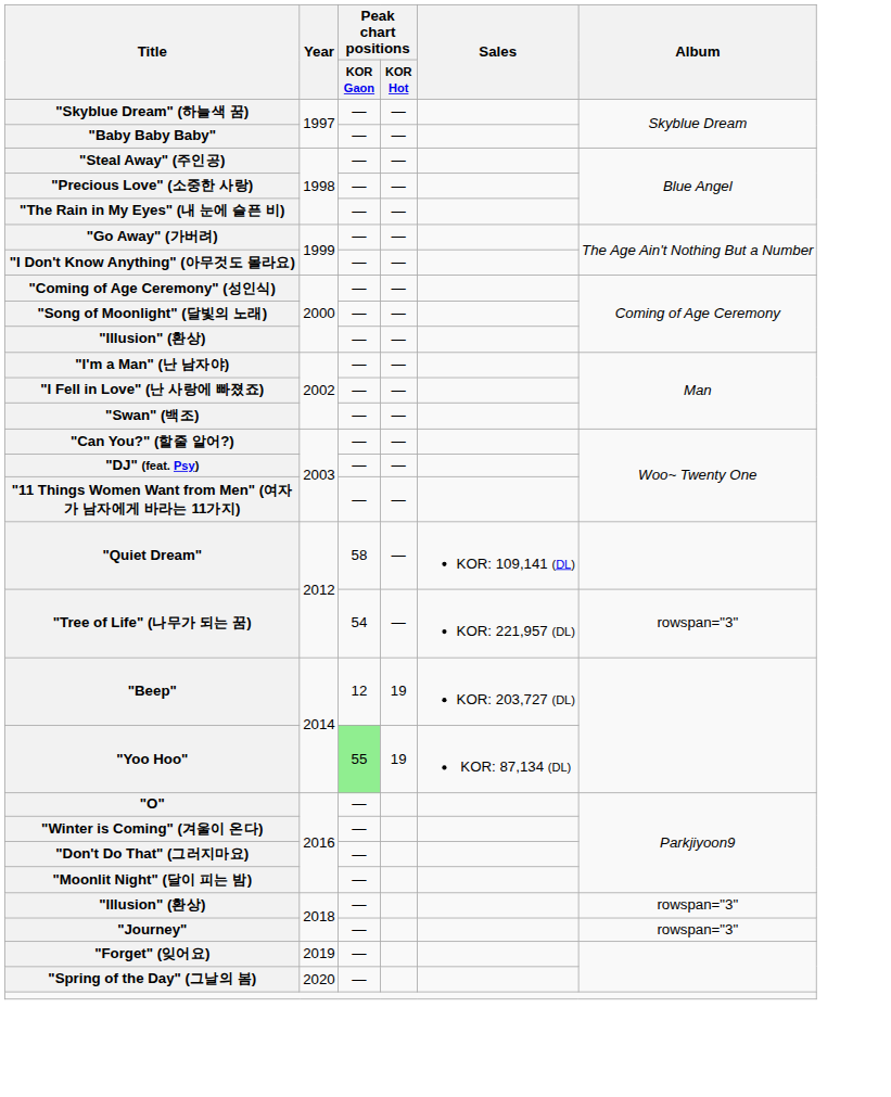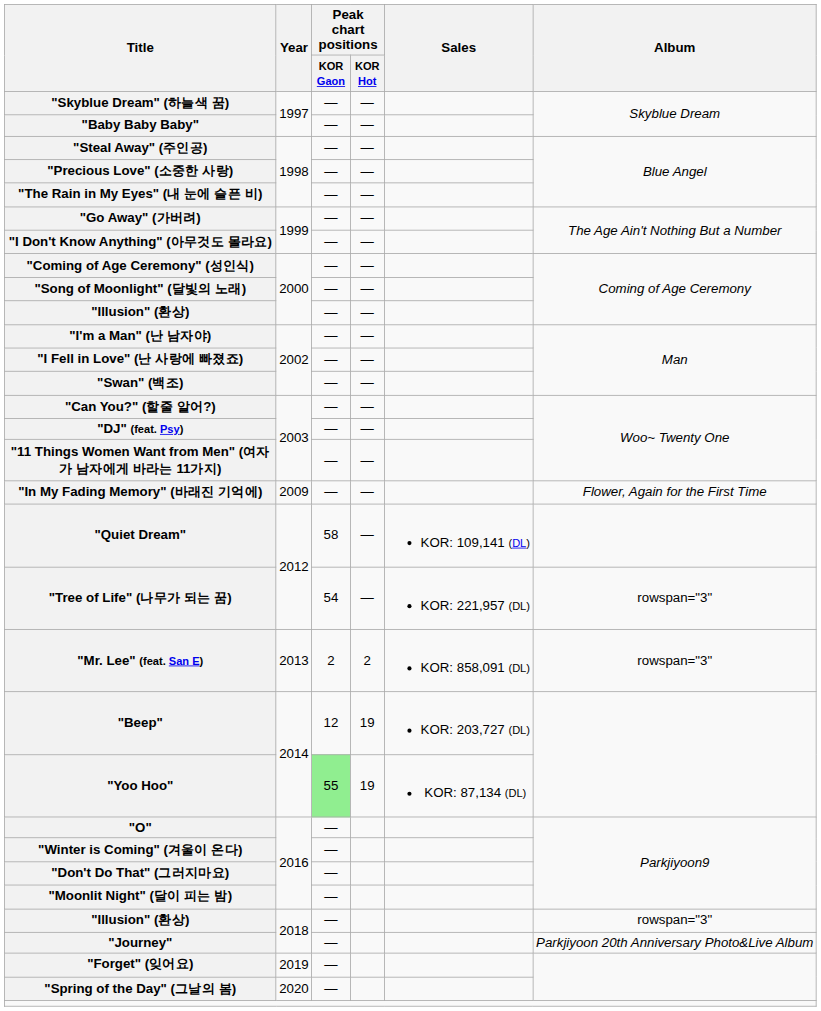 <table class="wikitable plainrowheaders" style="text-align:center;">
 <tr>
 <th scope="col" rowspan="2 "style="width:20em;">Title</th>
 <th scope="col" rowspan="2">Year</th>
 <th colspan="2" scope="col" style="width:5em;">Peak chart positions</th>
 <th scope="col" rowspan="2">Sales</th>
 <th scope="col" rowspan="2">Album</th>
 </tr>
 <tr>
 <th><small>KOR<br><a href='#'>Gaon</a><br></small></th>
 <th><small>KOR<br><a href='#'>Hot</a><br></small></th>
 </tr>
 <tr>
 <th scope="row">"Skyblue Dream" (하늘색 꿈)</th>
 <td rowspan="2">1997</td>
 <td>—</td>
 <td>—</td>
 <td></td>
 <td rowspan="2"><em>Skyblue Dream</em></td>
 </tr>
 <tr>
 <th scope="row">"Baby Baby Baby"</th>
 <td>—</td>
 <td>—</td>
 <td></td>
 </tr>
 <tr>
 <th scope="row">"Steal Away" (주인공)</th>
 <td rowspan="3">1998</td>
 <td>—</td>
 <td>—</td>
 <td></td>
 <td rowspan="3"><em>Blue Angel</em></td>
 </tr>
 <tr>
 <th scope="row">"Precious Love" (소중한 사랑)</th>
 <td>—</td>
 <td>—</td>
 <td></td>
 </tr>
 <tr>
 <th scope="row">"The Rain in My Eyes" (내 눈에 슬픈 비)</th>
 <td>—</td>
 <td>—</td>
 <td></td>
 </tr>
 <tr>
 <th scope="row">"Go Away" (가버려)</th>
 <td rowspan="2">1999</td>
 <td>—</td>
 <td>—</td>
 <td></td>
 <td rowspan="2"><em>The Age Ain't Nothing But a Number</em></td>
 </tr>
 <tr>
 <th scope="row">"I Don't Know Anything" (아무것도 몰라요)</th>
 <td>—</td>
 <td>—</td>
 <td></td>
 </tr>
 <tr>
 <th scope="row">"Coming of Age Ceremony" (성인식)</th>
 <td rowspan="3">2000</td>
 <td>—</td>
 <td>—</td>
 <td></td>
 <td rowspan="3"><em>Coming of Age Ceremony</em></td>
 </tr>
 <tr>
 <th scope="row">"Song of Moonlight" (달빛의 노래)</th>
 <td>—</td>
 <td>—</td>
 <td></td>
 </tr>
 <tr>
 <th scope="row">"Illusion" (환상)</th>
 <td>—</td>
 <td>—</td>
 <td></td>
 </tr>
 <tr>
 <th scope="row">"I'm a Man" (난 남자야)</th>
 <td rowspan="3">2002</td>
 <td>—</td>
 <td>—</td>
 <td></td>
 <td rowspan="3"><em>Man</em></td>
 </tr>
 <tr>
 <th scope="row">"I Fell in Love" (난 사랑에 빠졌죠)</th>
 <td>—</td>
 <td>—</td>
 <td></td>
 </tr>
 <tr>
 <th scope="row">"Swan" (백조)</th>
 <td>—</td>
 <td>—</td>
 <td></td>
 </tr>
 <tr>
 <th scope="row">"Can You?" (할줄 알어?)</th>
 <td rowspan="3">2003</td>
 <td>—</td>
 <td>—</td>
 <td></td>
 <td rowspan="3"><em>Woo~ Twenty One</em></td>
 </tr>
 <tr>
 <th scope="row">"DJ" <small>(feat. <a href='#'>Psy</a>)</small></th>
 <td>—</td>
 <td>—</td>
 <td></td>
 </tr>
 <tr>
 <th scope="row">"11 Things Women Want from Men" (여자가 남자에게 바라는 11가지)</th>
 <td>—</td>
 <td>—</td>
 <td></td>
 </tr>
 <tr>
+<th scope="row">"In My Fading Memory" (바래진 기억에)</th>
+<td>2009</td>
+<td>—</td>
+<td>—</td>
+<td></td>
+<td><em>Flower, Again for the First Time</em></td>
+</tr>
+<tr>
 <th scope="row">"Quiet Dream"</th>
 <td rowspan="2">2012</td>
 <td>58</td>
 <td>—</td>
 <td><br><ul><li>KOR: 109,141 <small>(<a href='#'>DL</a>)</small></li></ul></td>
 <td></td>
 </tr>
 <tr>
 <th scope="row">"Tree of Life" (나무가 되는 꿈)</th>
 <td>54</td>
 <td>—</td>
 <td><br><ul><li>KOR: 221,957 <small>(DL)</small></li></ul></td>
+<td>rowspan="3" </td>
+</tr>
+<tr>
+<th scope="row">"Mr. Lee" <small>(feat. <a href='#'>San E</a>)</small></th>
+<td>2013</td>
+<td>2</td>
+<td>2</td>
+<td><br><ul><li>KOR: 858,091 <small>(DL)</small></li></ul></td>
 <td>rowspan="3" </td>
 </tr>
 <tr>
 <th scope="row">"Beep"</th>
 <td rowspan="2">2014</td>
 <td>12</td>
 <td>19</td>
 <td><br><ul><li>KOR: 203,727 <small>(DL)</small></li></ul></td>
 </tr>
 <tr>
 <th scope="row">"Yoo Hoo"</th>
 <td style="background: lightgreen;">55</td>
 <td>19</td>
 <td><br><ul><li>KOR: 87,134 <small>(DL)</small></li></ul></td>
 </tr>
 <tr>
 <th scope="row">"O"</th>
 <td rowspan="4">2016</td>
 <td>—</td>
 <td></td>
 <td></td>
 <td rowspan="4"><em>Parkjiyoon9</em></td>
 </tr>
 <tr>
 <th scope="row">"Winter is Coming" (겨울이 온다)</th>
 <td>—</td>
 <td></td>
 <td></td>
 </tr>
 <tr>
 <th scope="row">"Don't Do That" (그러지마요)</th>
 <td>—</td>
 <td></td>
 <td></td>
 </tr>
 <tr>
 <th scope="row">"Moonlit Night" (달이 피는 밤)</th>
 <td>—</td>
 <td></td>
 <td></td>
 </tr>
 <tr>
 <th scope="row">"Illusion" (환상)</th>
 <td rowspan="2">2018</td>
 <td>—</td>
 <td></td>
 <td></td>
 <td>rowspan="3" </td>
 </tr>
 <tr>
 <th scope="row">"Journey"</th>
 <td>—</td>
 <td></td>
 <td></td>
-<td>rowspan="3" </td>
+<td><em>Parkjiyoon 20th Anniversary Photo&Live Album</em></td>
 </tr>
 <tr>
 <th scope="row">"Forget" (잊어요)</th>
 <td>2019</td>
 <td>—</td>
 <td></td>
 <td></td>
 </tr>
 <tr>
 <th scope="row">"Spring of the Day" (그날의 봄)</th>
 <td rowspan="1">2020</td>
 <td>—</td>
 <td></td>
 <td></td>
 </tr>
 <tr>
 <td colspan="6"></td>
 </tr>
 </table>
